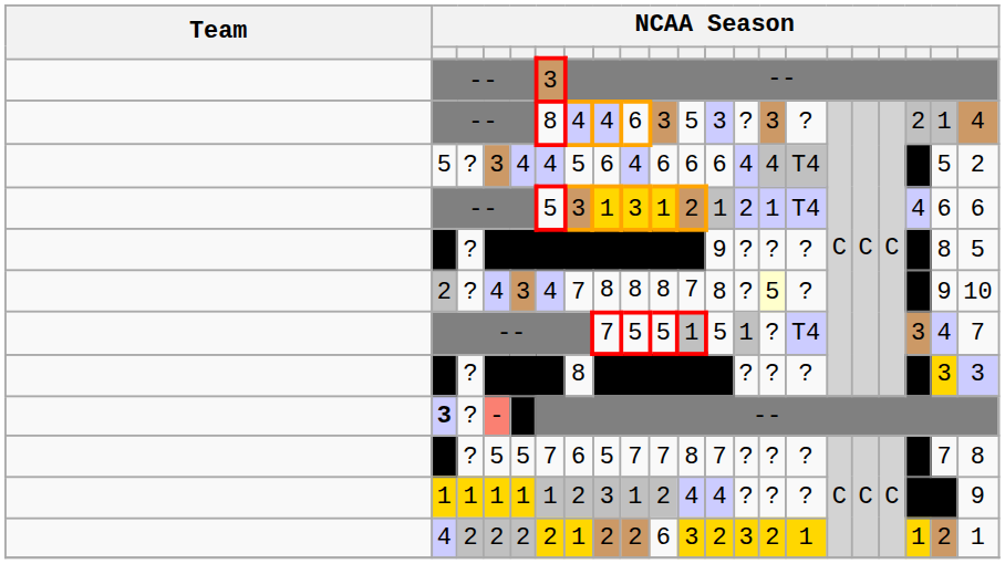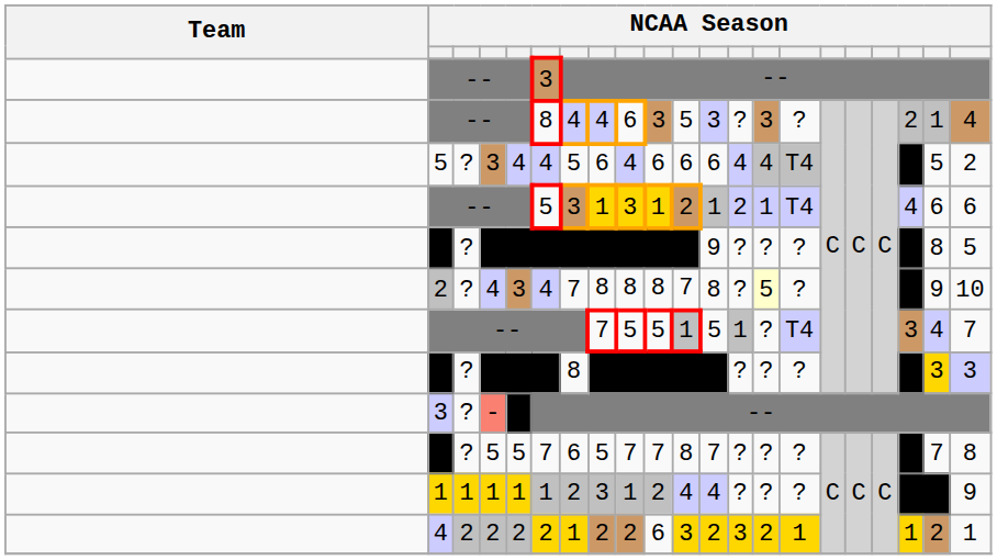 <table class=wikitable style="text-align:center; font-size:90%;">
 <tr>
 <th width=200px rowspan=2>Team</th>
 <th colspan=20>NCAA Season</th>
 </tr>
 <tr>
 <th></th>
 <th></th>
 <th></th>
 <th></th>
 <th></th>
 <th></th>
 <th></th>
 <th></th>
 <th></th>
 <th></th>
 <th></th>
 <th></th>
 <th></th>
 <th></th>
 <th></th>
 <th></th>
 <th></th>
 <th></th>
 <th></th>
 <th></th>
 </tr>
 <tr>
 <td align=left><em></em></td>
 <td bgcolor=gray colspan=4>--</td>
 <td style="border: 2px solid red;" bgcolor=#c96>3</td>
 <td bgcolor=gray colspan=15>--</td>
 </tr>
 <tr>
 <td align=left></td>
 <td bgcolor=gray colspan=4>--</td>
 <td style="border: 2px solid red;">8</td>
 <td style="border: 2px solid orange;" bgcolor=#CCCCFF>4</td>
 <td style="border: 2px solid orange;" bgcolor=#CCCCFF>4</td>
 <td style="border: 2px solid orange;">6</td>
 <td bgcolor=#c96>3</td>
 <td>5</td>
 <td bgcolor=#CCCCFF>3</td>
 <td>?</td>
 <td bgcolor=#c96>3</td>
 <td>?</td>
 <td bgcolor=D3D3D3 rowspan=7>C</td>
 <td bgcolor=D3D3D3 rowspan=7>C</td>
 <td bgcolor=D3D3D3 rowspan=7>C</td>
 <td bgcolor=silver>2</td>
 <td bgcolor=silver>1</td>
 <td bgcolor=#c96>4</td>
 </tr>
 <tr>
 <td align=left></td>
 <td>5</td>
 <td>?</td>
 <td bgcolor=#c96>3</td>
 <td bgcolor=#CCCCFF>4</td>
 <td bgcolor=#CCCCFF>4</td>
 <td>5</td>
 <td>6</td>
 <td bgcolor=#CCCCFF>4</td>
 <td>6</td>
 <td>6</td>
 <td>6</td>
 <td bgcolor=#CCCCFF>4</td>
 <td bgcolor=silver>4</td>
 <td bgcolor=silver>T4</td>
 <td bgcolor=black align=center style="border: 1px solid gray;"></td>
 <td>5</td>
 <td>2</td>
 </tr>
 <tr>
 <td align=left></td>
 <td bgcolor=gray colspan=4>--</td>
 <td style="border: 2px solid red;">5</td>
 <td style="border: 2px solid orange;" bgcolor=#c96>3</td>
 <td style="border: 2px solid orange;" bgcolor=gold>1</td>
 <td style="border: 2px solid orange;" bgcolor=gold>3</td>
 <td style="border: 2px solid orange;" bgcolor=gold>1</td>
 <td style="border: 2px solid orange;" bgcolor=#c96>2</td>
 <td bgcolor=silver>1</td>
 <td bgcolor=#CCCCFF>2</td>
 <td bgcolor=#CCCCFF>1</td>
 <td bgcolor=#CCCCFF>T4</td>
 <td bgcolor=#CCCCFF>4</td>
 <td>6</td>
 <td>6</td>
 </tr>
 <tr>
 <td align=left></td>
 <td bgcolor=black align=center style="border: 1px solid gray;"></td>
 <td>?</td>
 <td bgcolor=black align=center style="border: 1px solid gray;" colspan=8></td>
 <td>9</td>
 <td>?</td>
 <td>?</td>
 <td>?</td>
 <td bgcolor=black align=center style="border: 1px solid gray;"></td>
 <td>8</td>
 <td>5</td>
 </tr>
 <tr>
 <td align=left></td>
 <td bgcolor=silver>2</td>
 <td>?</td>
 <td bgcolor=#CCCCFF>4</td>
 <td bgcolor=#c96>3</td>
 <td bgcolor=#CCCCFF>4</td>
 <td>7</td>
 <td>8</td>
 <td>8</td>
 <td>8</td>
 <td>7</td>
 <td>8</td>
 <td>?</td>
 <td bgcolor=#FFFFCC>5</td>
 <td>?</td>
 <td bgcolor=black align=center style="border: 1px solid gray;"></td>
 <td>9</td>
 <td>10</td>
 </tr>
 <tr>
 <td align=left></td>
 <td bgcolor=gray colspan=6>--</td>
 <td style="border: 2px solid red;">7</td>
 <td style="border: 2px solid red;">5</td>
 <td style="border: 2px solid red;">5</td>
 <td style="border: 2px solid red;" bgcolor=silver>1</td>
 <td>5</td>
 <td bgcolor=silver>1</td>
 <td>?</td>
 <td bgcolor=#CCCCFF>T4</td>
 <td bgcolor=#c96>3</td>
 <td bgcolor=#CCCCFF>4</td>
 <td>7</td>
 </tr>
 <tr>
 <td align=left></td>
 <td bgcolor=black align=center style="border: 1px solid gray;"></td>
 <td>?</td>
 <td bgcolor=black align=center style="border: 1px solid gray;" colspan=3></td>
 <td>8</td>
 <td bgcolor=black align=center style="border: 1px solid gray;" colspan=5></td>
 <td>?</td>
 <td>?</td>
 <td>?</td>
 <td bgcolor=black align=center style="border: 1px solid gray;"></td>
 <td bgcolor=gold>3</td>
 <td bgcolor=#CCCCFF>3</td>
 </tr>
 <tr>
 <td align=left><em></em></td>
-<td bgcolor=#CCCCFF><strong>3</strong></td>
+<td bgcolor=#CCCCFF>3</td>
 <td>?</td>
 <td bgcolor=salmon>-</td>
 <td bgcolor=black align=center style="border: 1px solid gray;"></td>
 <td bgcolor=gray colspan=16>--</td>
 </tr>
 <tr>
 <td align=left></td>
 <td bgcolor=black align=center style="border: 1px solid gray;"></td>
 <td>?</td>
 <td>5</td>
 <td>5</td>
 <td>7</td>
 <td>6</td>
 <td>5</td>
 <td>7</td>
 <td>7</td>
 <td>8</td>
 <td>7</td>
 <td>?</td>
 <td>?</td>
 <td>?</td>
 <td bgcolor=D3D3D3 rowspan=3>C</td>
 <td bgcolor=D3D3D3 rowspan=3>C</td>
 <td bgcolor=D3D3D3 rowspan=3>C</td>
 <td bgcolor=black align=center style="border: 1px solid gray;"></td>
 <td>7</td>
 <td>8</td>
 </tr>
 <tr>
 <td align=left></td>
 <td bgcolor=gold>1</td>
 <td bgcolor=gold>1</td>
 <td bgcolor=gold>1</td>
 <td bgcolor=gold>1</td>
 <td bgcolor=silver>1</td>
 <td bgcolor=silver>2</td>
 <td bgcolor=silver>3</td>
 <td bgcolor=silver>1</td>
 <td bgcolor=silver>2</td>
 <td bgcolor=#CCCCFF>4</td>
 <td bgcolor=#CCCCFF>4</td>
 <td>?</td>
 <td>?</td>
 <td>?</td>
 <td bgcolor=black align=center style="border: 1px solid gray;" colspan=2></td>
 <td>9</td>
 </tr>
 <tr>
 <td align=left></td>
 <td bgcolor=#CCCCFF>4</td>
 <td bgcolor=silver>2</td>
 <td bgcolor=silver>2</td>
 <td bgcolor=silver>2</td>
 <td bgcolor=gold>2</td>
 <td bgcolor=gold>1</td>
 <td bgcolor=#c96>2</td>
 <td bgcolor=#c96>2</td>
 <td>6</td>
 <td bgcolor=gold>3</td>
 <td bgcolor=gold>2</td>
 <td bgcolor=gold>3</td>
 <td bgcolor=gold>2</td>
 <td bgcolor=gold>1</td>
 <td bgcolor=gold>1</td>
 <td bgcolor=#c96>2</td>
 <td>1</td>
 </tr>
 <tr>
 </tr>
 </table>
